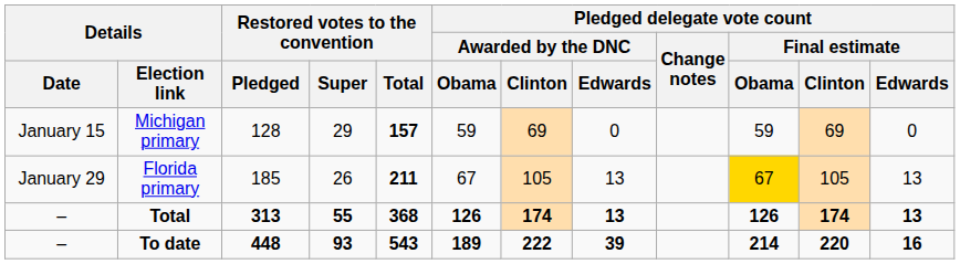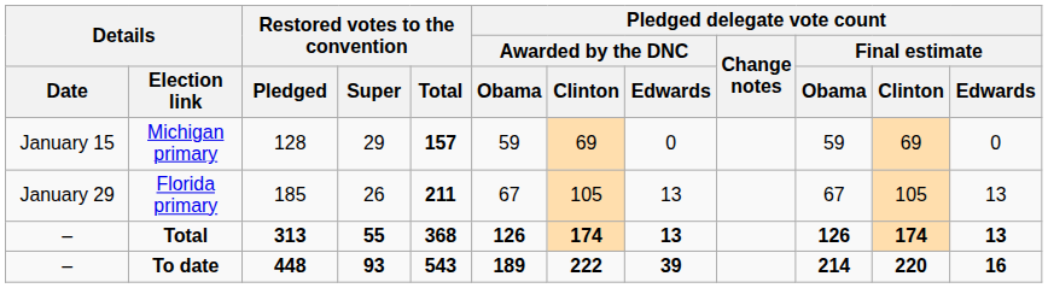 <table class="wikitable" style="text-align:center">
 <tr>
 <th rowspan="2" colspan="2" style="width:20em">Details</th>
 <th rowspan="2" colspan="3" style="width:20em">Restored votes to the convention</th>
 <th colspan="7">Pledged delegate vote count</th>
 </tr>
 <tr>
 <th colspan="3" style="width:15em">Awarded by the DNC</th>
 <th rowspan="2">Change<br>notes</th>
 <th colspan="3" style="width:15em">Final estimate</th>
 </tr>
 <tr>
 <th style="width:6em">Date</th>
 <th>Election link</th>
 <th>Pledged</th>
 <th>Super</th>
 <th>Total</th>
 <th>Obama</th>
 <th>Clinton</th>
 <th>Edwards</th>
 <th>Obama</th>
 <th>Clinton</th>
 <th>Edwards</th>
 </tr>
 <tr>
 <td>January 15</td>
 <td><a href='#'>Michigan primary</a></td>
 <td>128</td>
 <td>29</td>
 <td><strong>157</strong></td>
 <td>59</td>
 <td style="background:#ffdead;">69</td>
 <td>0</td>
 <td></td>
 <td>59</td>
 <td style="background:#ffdead;">69</td>
 <td>0</td>
 </tr>
 <tr>
 <td>January 29</td>
 <td><a href='#'>Florida primary</a></td>
 <td>185</td>
 <td>26</td>
 <td><strong>211</strong></td>
 <td>67</td>
 <td style="background:#ffdead;">105</td>
 <td>13</td>
 <td></td>
-<td style="background: gold;">67</td>
+<td>67</td>
 <td style="background:#ffdead;">105</td>
 <td>13</td>
 </tr>
 <tr>
 <td>–</td>
 <td><strong>Total</strong></td>
 <td><strong>313</strong></td>
 <td><strong>55</strong></td>
 <td><strong>368</strong></td>
 <td><strong>126</strong></td>
 <td style="background:#ffdead;"><strong>174</strong></td>
 <td><strong>13</strong></td>
 <td></td>
 <td><strong>126</strong></td>
 <td style="background:#ffdead;"><strong>174</strong></td>
 <td><strong>13</strong></td>
 </tr>
 <tr>
 <td>–</td>
 <td><strong>To date</strong></td>
 <td><strong>448</strong></td>
 <td><strong>93</strong></td>
 <td><strong>543</strong></td>
 <td><strong>189</strong></td>
 <td><strong>222</strong></td>
 <td><strong>39</strong></td>
 <td></td>
 <td><strong>214</strong></td>
 <td><strong>220</strong></td>
 <td><strong>16</strong></td>
 </tr>
 </table>
